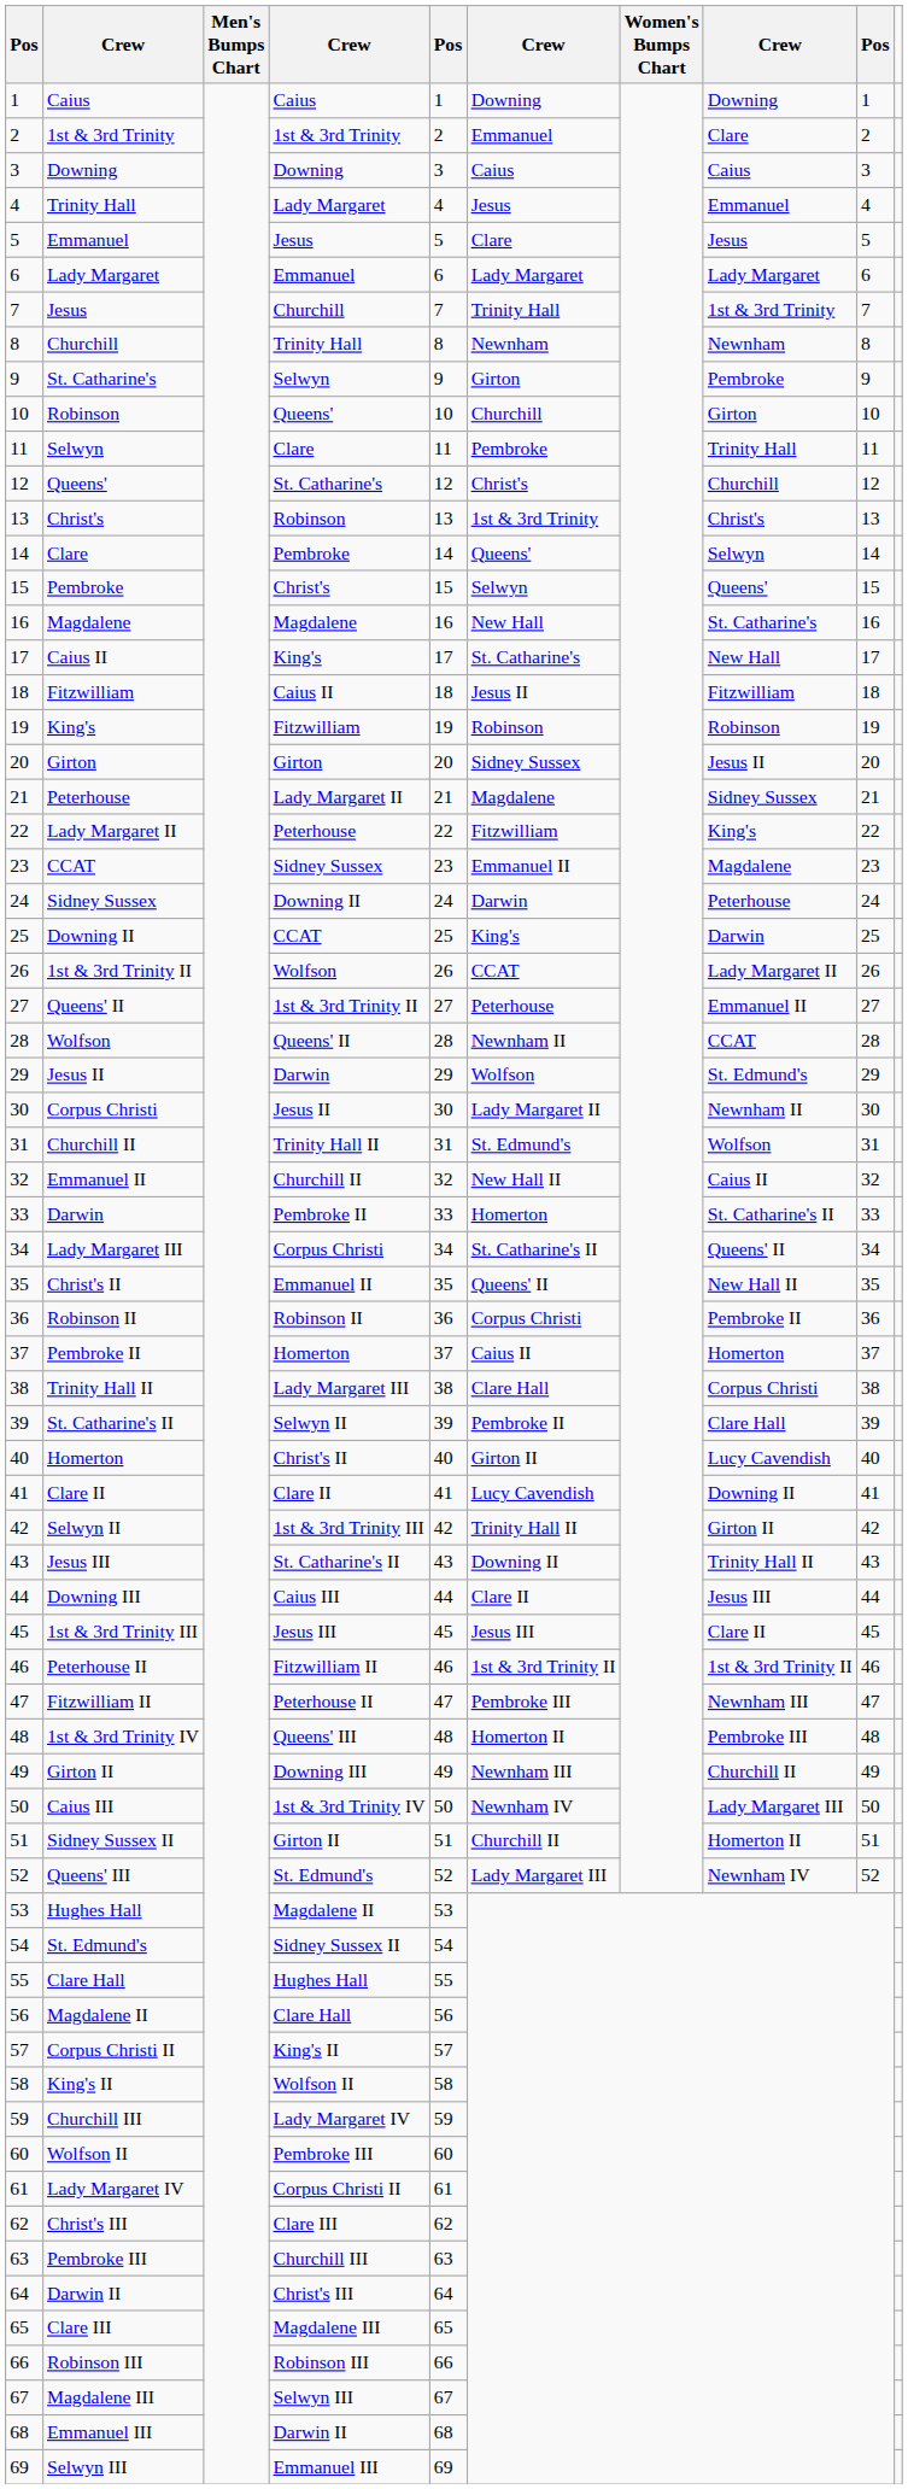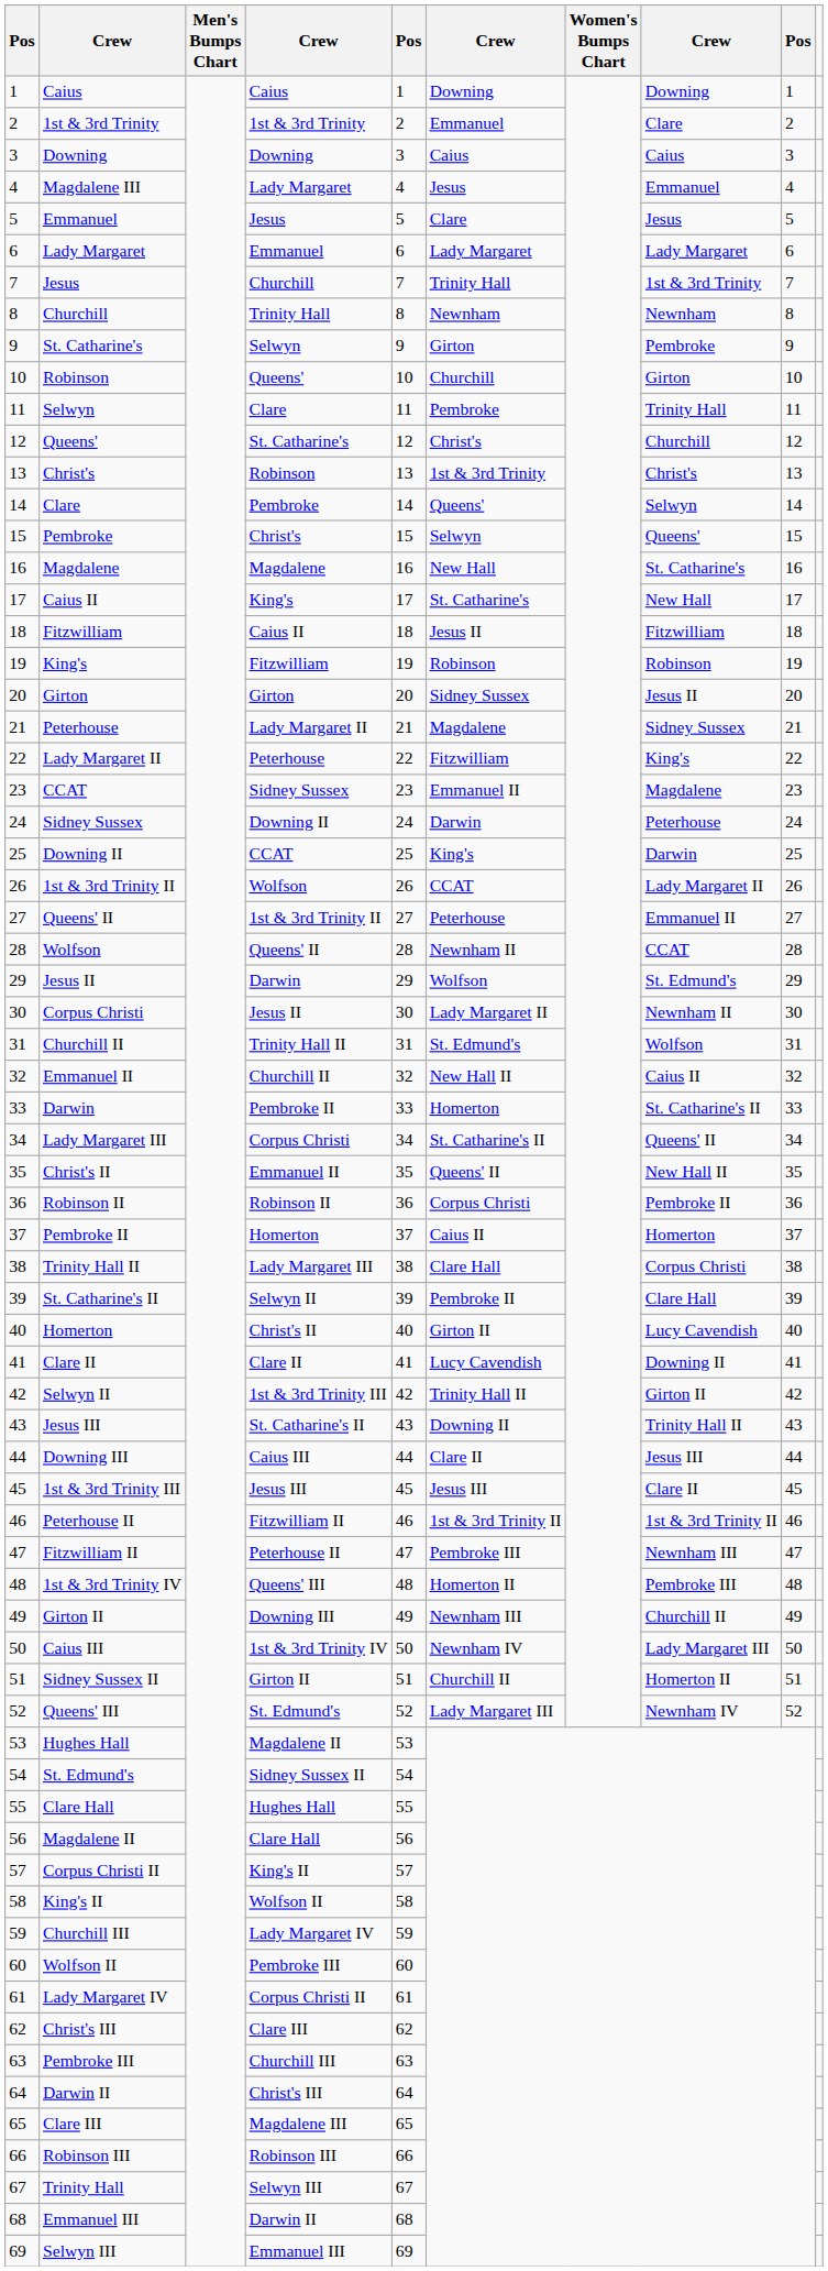 <table class="wikitable" style="font-size:88%; white-space:nowrap; margin:0.5em auto">
 <tr style="white-space:normal">
 <th width=35>Pos</th>
 <th width=125>Crew</th>
 <th width=90>Men's Bumps Chart</th>
 <th width=125>Crew</th>
 <th width=35>Pos</th>
 <th width=125>Crew</th>
 <th width=90>Women's Bumps Chart</th>
 <th width=125>Crew</th>
 <th width=35>Pos</th>
 </tr>
 <tr style="height:26px">
 <td>1</td>
 <td><a href='#'>Caius</a></td>
 <td rowspan="69"></td>
 <td><a href='#'>Caius</a></td>
 <td>1</td>
 <td><a href='#'>Downing</a></td>
 <td rowspan="52"><br></td>
 <td><a href='#'>Downing</a></td>
 <td>1</td>
 <td></td>
 </tr>
 <tr style="height:26px">
 <td>2</td>
 <td><a href='#'>1st & 3rd Trinity</a></td>
 <td><a href='#'>1st & 3rd Trinity</a></td>
 <td>2</td>
 <td><a href='#'>Emmanuel</a></td>
 <td><a href='#'>Clare</a></td>
 <td>2</td>
 <td></td>
 </tr>
 <tr style="height:26px">
 <td>3</td>
 <td><a href='#'>Downing</a></td>
 <td><a href='#'>Downing</a></td>
 <td>3</td>
 <td><a href='#'>Caius</a></td>
 <td><a href='#'>Caius</a></td>
 <td>3</td>
 <td></td>
 </tr>
 <tr style="height:26px">
 <td>4</td>
-<td><a href='#'>Trinity Hall</a></td>
+<td><a href='#'>Magdalene</a> III</td>
 <td><a href='#'>Lady Margaret</a></td>
 <td>4</td>
 <td><a href='#'>Jesus</a></td>
 <td><a href='#'>Emmanuel</a></td>
 <td>4</td>
 <td></td>
 </tr>
 <tr style="height:26px">
 <td>5</td>
 <td><a href='#'>Emmanuel</a></td>
 <td><a href='#'>Jesus</a></td>
 <td>5</td>
 <td><a href='#'>Clare</a></td>
 <td><a href='#'>Jesus</a></td>
 <td>5</td>
 <td></td>
 </tr>
 <tr style="height:26px">
 <td>6</td>
 <td><a href='#'>Lady Margaret</a></td>
 <td><a href='#'>Emmanuel</a></td>
 <td>6</td>
 <td><a href='#'>Lady Margaret</a></td>
 <td><a href='#'>Lady Margaret</a></td>
 <td>6</td>
 <td></td>
 </tr>
 <tr style="height:26px">
 <td>7</td>
 <td><a href='#'>Jesus</a></td>
 <td><a href='#'>Churchill</a></td>
 <td>7</td>
 <td><a href='#'>Trinity Hall</a></td>
 <td><a href='#'>1st & 3rd Trinity</a></td>
 <td>7</td>
 <td></td>
 </tr>
 <tr style="height:26px">
 <td>8</td>
 <td><a href='#'>Churchill</a></td>
 <td><a href='#'>Trinity Hall</a></td>
 <td>8</td>
 <td><a href='#'>Newnham</a></td>
 <td><a href='#'>Newnham</a></td>
 <td>8</td>
 <td></td>
 </tr>
 <tr style="height:26px">
 <td>9</td>
 <td><a href='#'>St. Catharine's</a></td>
 <td><a href='#'>Selwyn</a></td>
 <td>9</td>
 <td><a href='#'>Girton</a></td>
 <td><a href='#'>Pembroke</a></td>
 <td>9</td>
 <td></td>
 </tr>
 <tr style="height:26px">
 <td>10</td>
 <td><a href='#'>Robinson</a></td>
 <td><a href='#'>Queens'</a></td>
 <td>10</td>
 <td><a href='#'>Churchill</a></td>
 <td><a href='#'>Girton</a></td>
 <td>10</td>
 <td></td>
 </tr>
 <tr style="height:26px">
 <td>11</td>
 <td><a href='#'>Selwyn</a></td>
 <td><a href='#'>Clare</a></td>
 <td>11</td>
 <td><a href='#'>Pembroke</a></td>
 <td><a href='#'>Trinity Hall</a></td>
 <td>11</td>
 <td></td>
 </tr>
 <tr style="height:26px">
 <td>12</td>
 <td><a href='#'>Queens'</a></td>
 <td><a href='#'>St. Catharine's</a></td>
 <td>12</td>
 <td><a href='#'>Christ's</a></td>
 <td><a href='#'>Churchill</a></td>
 <td>12</td>
 <td></td>
 </tr>
 <tr style="height:26px">
 <td>13</td>
 <td><a href='#'>Christ's</a></td>
 <td><a href='#'>Robinson</a></td>
 <td>13</td>
 <td><a href='#'>1st & 3rd Trinity</a></td>
 <td><a href='#'>Christ's</a></td>
 <td>13</td>
 <td></td>
 </tr>
 <tr style="height:26px">
 <td>14</td>
 <td><a href='#'>Clare</a></td>
 <td><a href='#'>Pembroke</a></td>
 <td>14</td>
 <td><a href='#'>Queens'</a></td>
 <td><a href='#'>Selwyn</a></td>
 <td>14</td>
 <td></td>
 </tr>
 <tr style="height:26px">
 <td>15</td>
 <td><a href='#'>Pembroke</a></td>
 <td><a href='#'>Christ's</a></td>
 <td>15</td>
 <td><a href='#'>Selwyn</a></td>
 <td><a href='#'>Queens'</a></td>
 <td>15</td>
 <td></td>
 </tr>
 <tr style="height:26px">
 <td>16</td>
 <td><a href='#'>Magdalene</a></td>
 <td><a href='#'>Magdalene</a></td>
 <td>16</td>
 <td><a href='#'>New Hall</a></td>
 <td><a href='#'>St. Catharine's</a></td>
 <td>16</td>
 <td></td>
 </tr>
 <tr style="height:26px">
 <td>17</td>
 <td><a href='#'>Caius</a> II</td>
 <td><a href='#'>King's</a></td>
 <td>17</td>
 <td><a href='#'>St. Catharine's</a></td>
 <td><a href='#'>New Hall</a></td>
 <td>17</td>
 <td></td>
 </tr>
 <tr style="height:26px">
 <td>18</td>
 <td><a href='#'>Fitzwilliam</a></td>
 <td><a href='#'>Caius</a> II</td>
 <td>18</td>
 <td><a href='#'>Jesus</a> II</td>
 <td><a href='#'>Fitzwilliam</a></td>
 <td>18</td>
 <td></td>
 </tr>
 <tr style="height:26px">
 <td>19</td>
 <td><a href='#'>King's</a></td>
 <td><a href='#'>Fitzwilliam</a></td>
 <td>19</td>
 <td><a href='#'>Robinson</a></td>
 <td><a href='#'>Robinson</a></td>
 <td>19</td>
 <td></td>
 </tr>
 <tr style="height:26px">
 <td>20</td>
 <td><a href='#'>Girton</a></td>
 <td><a href='#'>Girton</a></td>
 <td>20</td>
 <td><a href='#'>Sidney Sussex</a></td>
 <td><a href='#'>Jesus</a> II</td>
 <td>20</td>
 <td></td>
 </tr>
 <tr style="height:26px">
 <td>21</td>
 <td><a href='#'>Peterhouse</a></td>
 <td><a href='#'>Lady Margaret</a> II</td>
 <td>21</td>
 <td><a href='#'>Magdalene</a></td>
 <td><a href='#'>Sidney Sussex</a></td>
 <td>21</td>
 <td></td>
 </tr>
 <tr style="height:26px">
 <td>22</td>
 <td><a href='#'>Lady Margaret</a> II</td>
 <td><a href='#'>Peterhouse</a></td>
 <td>22</td>
 <td><a href='#'>Fitzwilliam</a></td>
 <td><a href='#'>King's</a></td>
 <td>22</td>
 <td></td>
 </tr>
 <tr style="height:26px">
 <td>23</td>
 <td><a href='#'>CCAT</a></td>
 <td><a href='#'>Sidney Sussex</a></td>
 <td>23</td>
 <td><a href='#'>Emmanuel</a> II</td>
 <td><a href='#'>Magdalene</a></td>
 <td>23</td>
 <td></td>
 </tr>
 <tr style="height:26px">
 <td>24</td>
 <td><a href='#'>Sidney Sussex</a></td>
 <td><a href='#'>Downing</a> II</td>
 <td>24</td>
 <td><a href='#'>Darwin</a></td>
 <td><a href='#'>Peterhouse</a></td>
 <td>24</td>
 <td></td>
 </tr>
 <tr style="height:26px">
 <td>25</td>
 <td><a href='#'>Downing</a> II</td>
 <td><a href='#'>CCAT</a></td>
 <td>25</td>
 <td><a href='#'>King's</a></td>
 <td><a href='#'>Darwin</a></td>
 <td>25</td>
 <td></td>
 </tr>
 <tr style="height:26px">
 <td>26</td>
 <td><a href='#'>1st & 3rd Trinity</a> II</td>
 <td><a href='#'>Wolfson</a></td>
 <td>26</td>
 <td><a href='#'>CCAT</a></td>
 <td><a href='#'>Lady Margaret</a> II</td>
 <td>26</td>
 <td></td>
 </tr>
 <tr style="height:26px">
 <td>27</td>
 <td><a href='#'>Queens'</a> II</td>
 <td><a href='#'>1st & 3rd Trinity</a> II</td>
 <td>27</td>
 <td><a href='#'>Peterhouse</a></td>
 <td><a href='#'>Emmanuel</a> II</td>
 <td>27</td>
 <td></td>
 </tr>
 <tr style="height:26px">
 <td>28</td>
 <td><a href='#'>Wolfson</a></td>
 <td><a href='#'>Queens'</a> II</td>
 <td>28</td>
 <td><a href='#'>Newnham</a> II</td>
 <td><a href='#'>CCAT</a></td>
 <td>28</td>
 <td></td>
 </tr>
 <tr style="height:26px">
 <td>29</td>
 <td><a href='#'>Jesus</a> II</td>
 <td><a href='#'>Darwin</a></td>
 <td>29</td>
 <td><a href='#'>Wolfson</a></td>
 <td><a href='#'>St. Edmund's</a></td>
 <td>29</td>
 <td></td>
 </tr>
 <tr style="height:26px">
 <td>30</td>
 <td><a href='#'>Corpus Christi</a></td>
 <td><a href='#'>Jesus</a> II</td>
 <td>30</td>
 <td><a href='#'>Lady Margaret</a> II</td>
 <td><a href='#'>Newnham</a> II</td>
 <td>30</td>
 <td></td>
 </tr>
 <tr style="height:26px">
 <td>31</td>
 <td><a href='#'>Churchill</a> II</td>
 <td><a href='#'>Trinity Hall</a> II</td>
 <td>31</td>
 <td><a href='#'>St. Edmund's</a></td>
 <td><a href='#'>Wolfson</a></td>
 <td>31</td>
 <td></td>
 </tr>
 <tr style="height:26px">
 <td>32</td>
 <td><a href='#'>Emmanuel</a> II</td>
 <td><a href='#'>Churchill</a> II</td>
 <td>32</td>
 <td><a href='#'>New Hall</a> II</td>
 <td><a href='#'>Caius</a> II</td>
 <td>32</td>
 <td></td>
 </tr>
 <tr style="height:26px">
 <td>33</td>
 <td><a href='#'>Darwin</a></td>
 <td><a href='#'>Pembroke</a> II</td>
 <td>33</td>
 <td><a href='#'>Homerton</a></td>
 <td><a href='#'>St. Catharine's</a> II</td>
 <td>33</td>
 <td></td>
 </tr>
 <tr style="height:26px">
 <td>34</td>
 <td><a href='#'>Lady Margaret</a> III</td>
 <td><a href='#'>Corpus Christi</a></td>
 <td>34</td>
 <td><a href='#'>St. Catharine's</a> II</td>
 <td><a href='#'>Queens'</a> II</td>
 <td>34</td>
 <td></td>
 </tr>
 <tr style="height:26px">
 <td>35</td>
 <td><a href='#'>Christ's</a> II</td>
 <td><a href='#'>Emmanuel</a> II</td>
 <td>35</td>
 <td><a href='#'>Queens'</a> II</td>
 <td><a href='#'>New Hall</a> II</td>
 <td>35</td>
 <td></td>
 </tr>
 <tr style="height:26px">
 <td>36</td>
 <td><a href='#'>Robinson</a> II</td>
 <td><a href='#'>Robinson</a> II</td>
 <td>36</td>
 <td><a href='#'>Corpus Christi</a></td>
 <td><a href='#'>Pembroke</a> II</td>
 <td>36</td>
 <td></td>
 </tr>
 <tr style="height:26px">
 <td>37</td>
 <td><a href='#'>Pembroke</a> II</td>
 <td><a href='#'>Homerton</a></td>
 <td>37</td>
 <td><a href='#'>Caius</a> II</td>
 <td><a href='#'>Homerton</a></td>
 <td>37</td>
 <td></td>
 </tr>
 <tr style="height:26px">
 <td>38</td>
 <td><a href='#'>Trinity Hall</a> II</td>
 <td><a href='#'>Lady Margaret</a> III</td>
 <td>38</td>
 <td><a href='#'>Clare Hall</a></td>
 <td><a href='#'>Corpus Christi</a></td>
 <td>38</td>
 <td></td>
 </tr>
 <tr style="height:26px">
 <td>39</td>
 <td><a href='#'>St. Catharine's</a> II</td>
 <td><a href='#'>Selwyn</a> II</td>
 <td>39</td>
 <td><a href='#'>Pembroke</a> II</td>
 <td><a href='#'>Clare Hall</a></td>
 <td>39</td>
 <td></td>
 </tr>
 <tr style="height:26px">
 <td>40</td>
 <td><a href='#'>Homerton</a></td>
 <td><a href='#'>Christ's</a> II</td>
 <td>40</td>
 <td><a href='#'>Girton</a> II</td>
 <td><a href='#'>Lucy Cavendish</a></td>
 <td>40</td>
 <td></td>
 </tr>
 <tr style="height:26px">
 <td>41</td>
 <td><a href='#'>Clare</a> II</td>
 <td><a href='#'>Clare</a> II</td>
 <td>41</td>
 <td><a href='#'>Lucy Cavendish</a></td>
 <td><a href='#'>Downing</a> II</td>
 <td>41</td>
 <td></td>
 </tr>
 <tr style="height:26px">
 <td>42</td>
 <td><a href='#'>Selwyn</a> II</td>
 <td><a href='#'>1st & 3rd Trinity</a> III</td>
 <td>42</td>
 <td><a href='#'>Trinity Hall</a> II</td>
 <td><a href='#'>Girton</a> II</td>
 <td>42</td>
 <td></td>
 </tr>
 <tr style="height:26px">
 <td>43</td>
 <td><a href='#'>Jesus</a> III</td>
 <td><a href='#'>St. Catharine's</a> II</td>
 <td>43</td>
 <td><a href='#'>Downing</a> II</td>
 <td><a href='#'>Trinity Hall</a> II</td>
 <td>43</td>
 <td></td>
 </tr>
 <tr style="height:26px">
 <td>44</td>
 <td><a href='#'>Downing</a> III</td>
 <td><a href='#'>Caius</a> III</td>
 <td>44</td>
 <td><a href='#'>Clare</a> II</td>
 <td><a href='#'>Jesus</a> III</td>
 <td>44</td>
 <td></td>
 </tr>
 <tr style="height:26px">
 <td>45</td>
 <td><a href='#'>1st & 3rd Trinity</a> III</td>
 <td><a href='#'>Jesus</a> III</td>
 <td>45</td>
 <td><a href='#'>Jesus</a> III</td>
 <td><a href='#'>Clare</a> II</td>
 <td>45</td>
 <td></td>
 </tr>
 <tr style="height:26px">
 <td>46</td>
 <td><a href='#'>Peterhouse</a> II</td>
 <td><a href='#'>Fitzwilliam</a> II</td>
 <td>46</td>
 <td><a href='#'>1st & 3rd Trinity</a> II</td>
 <td><a href='#'>1st & 3rd Trinity</a> II</td>
 <td>46</td>
 <td></td>
 </tr>
 <tr style="height:26px">
 <td>47</td>
 <td><a href='#'>Fitzwilliam</a> II</td>
 <td><a href='#'>Peterhouse</a> II</td>
 <td>47</td>
 <td><a href='#'>Pembroke</a> III</td>
 <td><a href='#'>Newnham</a> III</td>
 <td>47</td>
 <td></td>
 </tr>
 <tr style="height:26px">
 <td>48</td>
 <td><a href='#'>1st & 3rd Trinity</a> IV</td>
 <td><a href='#'>Queens'</a> III</td>
 <td>48</td>
 <td><a href='#'>Homerton</a> II</td>
 <td><a href='#'>Pembroke</a> III</td>
 <td>48</td>
 <td></td>
 </tr>
 <tr style="height:26px">
 <td>49</td>
 <td><a href='#'>Girton</a> II</td>
 <td><a href='#'>Downing</a> III</td>
 <td>49</td>
 <td><a href='#'>Newnham</a> III</td>
 <td><a href='#'>Churchill</a> II</td>
 <td>49</td>
 <td></td>
 </tr>
 <tr style="height:26px">
 <td>50</td>
 <td><a href='#'>Caius</a> III</td>
 <td><a href='#'>1st & 3rd Trinity</a> IV</td>
 <td>50</td>
 <td><a href='#'>Newnham</a> IV</td>
 <td><a href='#'>Lady Margaret</a> III</td>
 <td>50</td>
 <td></td>
 </tr>
 <tr style="height:26px">
 <td>51</td>
 <td><a href='#'>Sidney Sussex</a> II</td>
 <td><a href='#'>Girton</a> II</td>
 <td>51</td>
 <td><a href='#'>Churchill</a> II</td>
 <td><a href='#'>Homerton</a> II</td>
 <td>51</td>
 <td></td>
 </tr>
 <tr style="height:26px">
 <td>52</td>
 <td><a href='#'>Queens'</a> III</td>
 <td><a href='#'>St. Edmund's</a></td>
 <td>52</td>
 <td><a href='#'>Lady Margaret</a> III</td>
 <td><a href='#'>Newnham</a> IV</td>
 <td>52</td>
 <td></td>
 </tr>
 <tr style="height:26px">
 <td>53</td>
 <td><a href='#'>Hughes Hall</a></td>
 <td><a href='#'>Magdalene</a> II</td>
 <td>53</td>
 <td colspan="4" rowspan="17"> </td>
 <td></td>
 </tr>
 <tr style="height:26px">
 <td>54</td>
 <td><a href='#'>St. Edmund's</a></td>
 <td><a href='#'>Sidney Sussex</a> II</td>
 <td>54</td>
 <td></td>
 </tr>
 <tr style="height:26px">
 <td>55</td>
 <td><a href='#'>Clare Hall</a></td>
 <td><a href='#'>Hughes Hall</a></td>
 <td>55</td>
 <td></td>
 </tr>
 <tr style="height:26px">
 <td>56</td>
 <td><a href='#'>Magdalene</a> II</td>
 <td><a href='#'>Clare Hall</a></td>
 <td>56</td>
 <td></td>
 </tr>
 <tr style="height:26px">
 <td>57</td>
 <td><a href='#'>Corpus Christi</a> II</td>
 <td><a href='#'>King's</a> II</td>
 <td>57</td>
 <td></td>
 </tr>
 <tr style="height:26px">
 <td>58</td>
 <td><a href='#'>King's</a> II</td>
 <td><a href='#'>Wolfson</a> II</td>
 <td>58</td>
 <td></td>
 </tr>
 <tr style="height:26px">
 <td>59</td>
 <td><a href='#'>Churchill</a> III</td>
 <td><a href='#'>Lady Margaret</a> IV</td>
 <td>59</td>
 <td></td>
 </tr>
 <tr style="height:26px">
 <td>60</td>
 <td><a href='#'>Wolfson</a> II</td>
 <td><a href='#'>Pembroke</a> III</td>
 <td>60</td>
 <td></td>
 </tr>
 <tr style="height:26px">
 <td>61</td>
 <td><a href='#'>Lady Margaret</a> IV</td>
 <td><a href='#'>Corpus Christi</a> II</td>
 <td>61</td>
 <td></td>
 </tr>
 <tr style="height:26px">
 <td>62</td>
 <td><a href='#'>Christ's</a> III</td>
 <td><a href='#'>Clare</a> III</td>
 <td>62</td>
 <td></td>
 </tr>
 <tr style="height:26px">
 <td>63</td>
 <td><a href='#'>Pembroke</a> III</td>
 <td><a href='#'>Churchill</a> III</td>
 <td>63</td>
 <td></td>
 </tr>
 <tr style="height:26px">
 <td>64</td>
 <td><a href='#'>Darwin</a> II</td>
 <td><a href='#'>Christ's</a> III</td>
 <td>64</td>
 <td></td>
 </tr>
 <tr style="height:26px">
 <td>65</td>
 <td><a href='#'>Clare</a> III</td>
 <td><a href='#'>Magdalene</a> III</td>
 <td>65</td>
 <td></td>
 </tr>
 <tr style="height:26px">
 <td>66</td>
 <td><a href='#'>Robinson</a> III</td>
 <td><a href='#'>Robinson</a> III</td>
 <td>66</td>
 <td></td>
 </tr>
 <tr style="height:26px">
 <td>67</td>
-<td><a href='#'>Magdalene</a> III</td>
+<td><a href='#'>Trinity Hall</a></td>
 <td><a href='#'>Selwyn</a> III</td>
 <td>67</td>
 <td></td>
 </tr>
 <tr style="height:26px">
 <td>68</td>
 <td><a href='#'>Emmanuel</a> III</td>
 <td><a href='#'>Darwin</a> II</td>
 <td>68</td>
 <td></td>
 </tr>
 <tr style="height:26px">
 <td>69</td>
 <td><a href='#'>Selwyn</a> III</td>
 <td><a href='#'>Emmanuel</a> III</td>
 <td>69</td>
 <td></td>
 </tr>
 <tr>
 </tr>
 </table>
